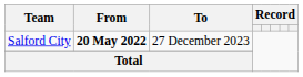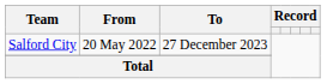 <table class=wikitable style="text-align: center">
 <tr>
 <th rowspan=2>Team</th>
 <th rowspan=2>From</th>
 <th rowspan=2>To</th>
 <th colspan=5>Record</th>
 </tr>
 <tr>
 <th></th>
 <th></th>
 <th></th>
 <th></th>
 <th></th>
 </tr>
 <tr>
 <td align="left"><a href='#'>Salford City</a></td>
-<td align="left"><strong>20 May 2022</strong></td>
+<td align="left">20 May 2022</td>
 <td align="left">27 December 2023<br></td>
 </tr>
 <tr>
 </tr>
 <tr>
 <th colspan=3>Total<br></th>
 </tr>
 </table>
